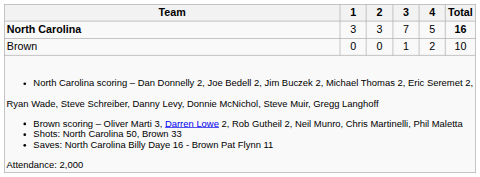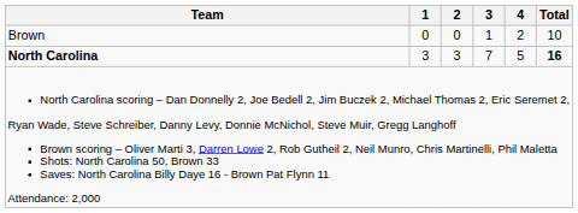 <table class="wikitable" style="text-align:center; max-width:45em">
 <tr>
 <th>Team</th>
 <th style="width:2em">1</th>
 <th style="width:2em">2</th>
 <th style="width:2em">3</th>
 <th style="width:2em">4</th>
 <th style="width:2em">Total</th>
 </tr>
 <tr>
+<td style="text-align:left">Brown</td>
+<td>0</td>
+<td>0</td>
+<td>1</td>
+<td>2</td>
+<td>10</td>
+</tr>
+<tr>
 <td style="text-align:left"><strong>North Carolina</strong></td>
 <td>3</td>
 <td>3</td>
 <td>7</td>
 <td>5</td>
 <td><strong>16</strong></td>
 </tr>
 <tr>
-<td style="text-align:left">Brown</td>
-<td>0</td>
-<td>0</td>
-<td>1</td>
-<td>2</td>
-<td>10</td>
-</tr>
-<tr>
 <td colspan=6 style="text-align:left; font-size:88%;"><br><ul><li>North Carolina scoring – Dan Donnelly 2, Joe Bedell 2, Jim Buczek 2, Michael Thomas 2, Eric Seremet 2,</li></ul>Ryan Wade, Steve Schreiber, Danny Levy, Donnie McNichol, Steve Muir, Gregg Langhoff<ul><li>Brown scoring – Oliver Marti 3, <a href='#'>Darren Lowe</a> 2, Rob Gutheil 2, Neil Munro, Chris Martinelli, Phil Maletta</li><li>Shots: North Carolina 50, Brown 33</li><li>Saves: North Carolina Billy Daye 16 - Brown Pat Flynn 11</li></ul>Attendance: 2,000 </td>
 </tr>
 </table>
